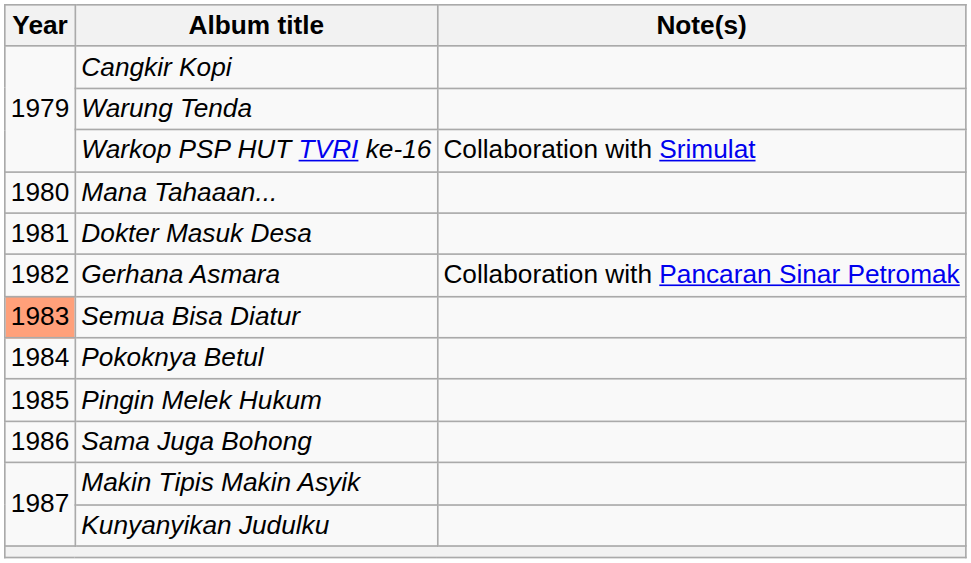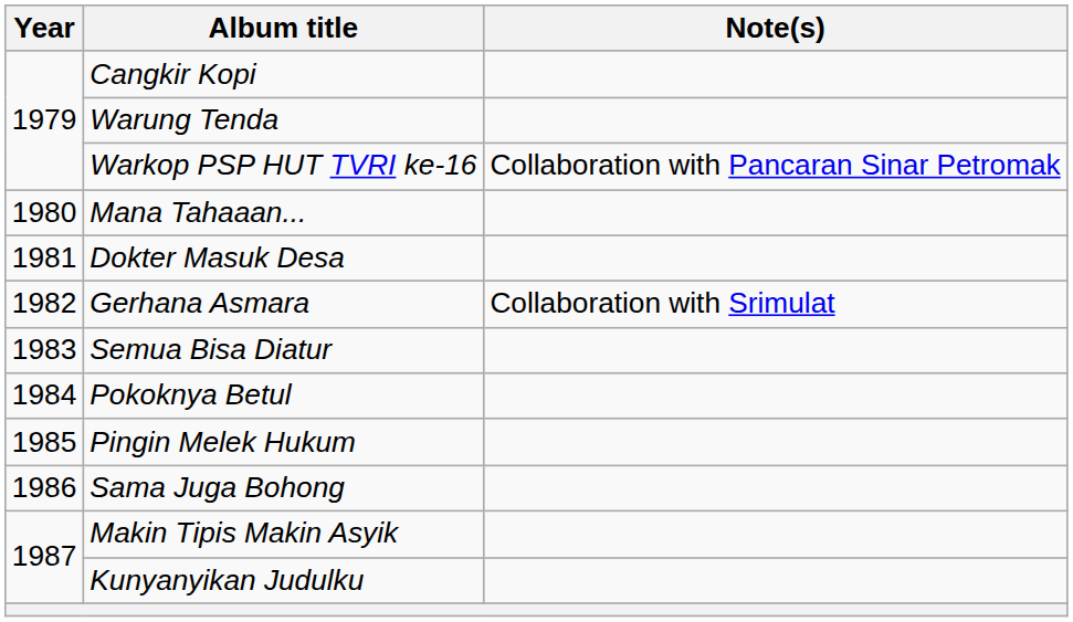 <table class="wikitable">
 <tr>
 <th>Year</th>
 <th>Album title</th>
 <th>Note(s)</th>
 </tr>
 <tr>
 <td rowspan=3 align=center>1979</td>
 <td><em>Cangkir Kopi</em></td>
 <td></td>
 </tr>
 <tr>
 <td><em>Warung Tenda</em></td>
 <td></td>
 </tr>
 <tr>
 <td><em>Warkop PSP HUT <a href='#'>TVRI</a> ke-16</em></td>
-<td>Collaboration with <a href='#'>Srimulat</a></td>
+<td>Collaboration with <a href='#'>Pancaran Sinar Petromak</a></td>
 </tr>
 <tr>
 <td align=center>1980</td>
 <td><em>Mana Tahaaan...</em></td>
 <td></td>
 </tr>
 <tr>
 <td align=center>1981</td>
 <td><em>Dokter Masuk Desa</em></td>
 <td></td>
 </tr>
 <tr>
 <td align=center>1982</td>
 <td><em>Gerhana Asmara</em></td>
-<td>Collaboration with <a href='#'>Pancaran Sinar Petromak</a></td>
+<td>Collaboration with <a href='#'>Srimulat</a></td>
 </tr>
 <tr>
-<td align=center style="background: lightsalmon;">1983</td>
+<td align=center>1983</td>
 <td><em>Semua Bisa Diatur</em></td>
 <td></td>
 </tr>
 <tr>
 <td align=center>1984</td>
 <td><em>Pokoknya Betul</em></td>
 <td></td>
 </tr>
 <tr>
 <td align=center>1985</td>
 <td><em>Pingin Melek Hukum</em></td>
 <td></td>
 </tr>
 <tr>
 <td align=center>1986</td>
 <td><em>Sama Juga Bohong</em></td>
 <td></td>
 </tr>
 <tr>
 <td rowspan=2 align=center>1987</td>
 <td><em>Makin Tipis Makin Asyik</em></td>
 <td></td>
 </tr>
 <tr>
 <td><em>Kunyanyikan Judulku</em></td>
 <td></td>
 </tr>
 <tr>
 <th colspan="3"><small></small></th>
 </tr>
 </table>
